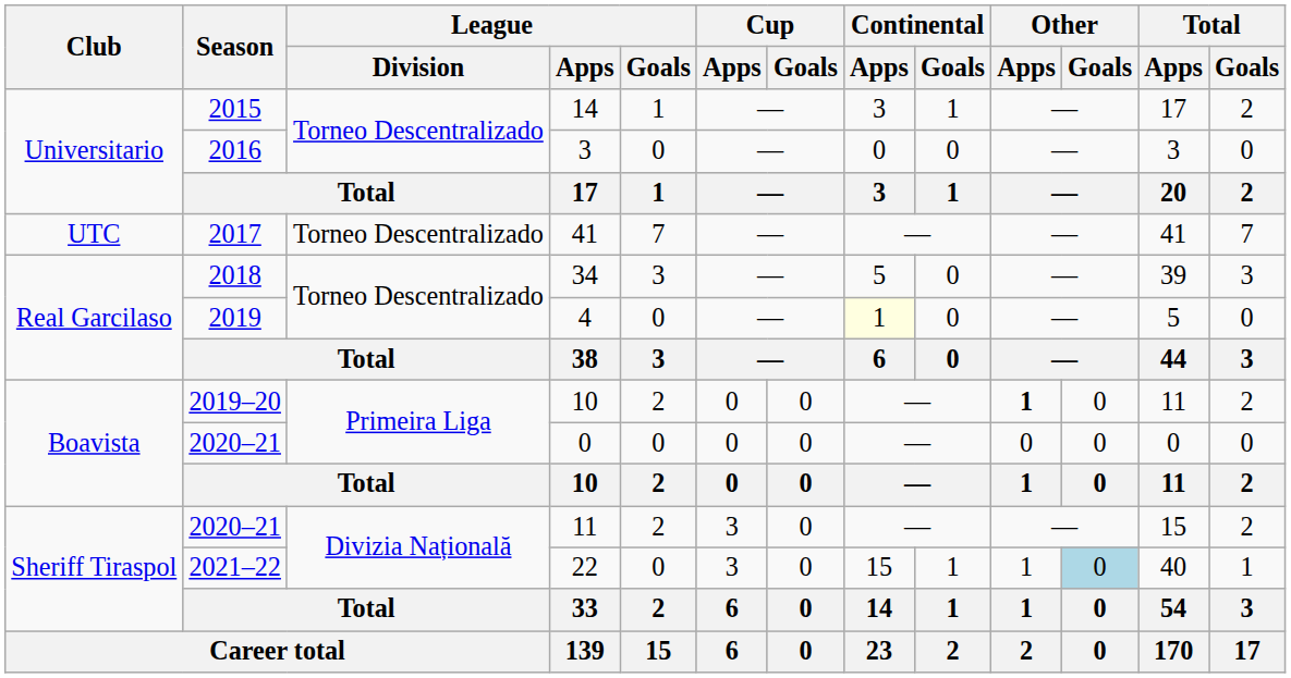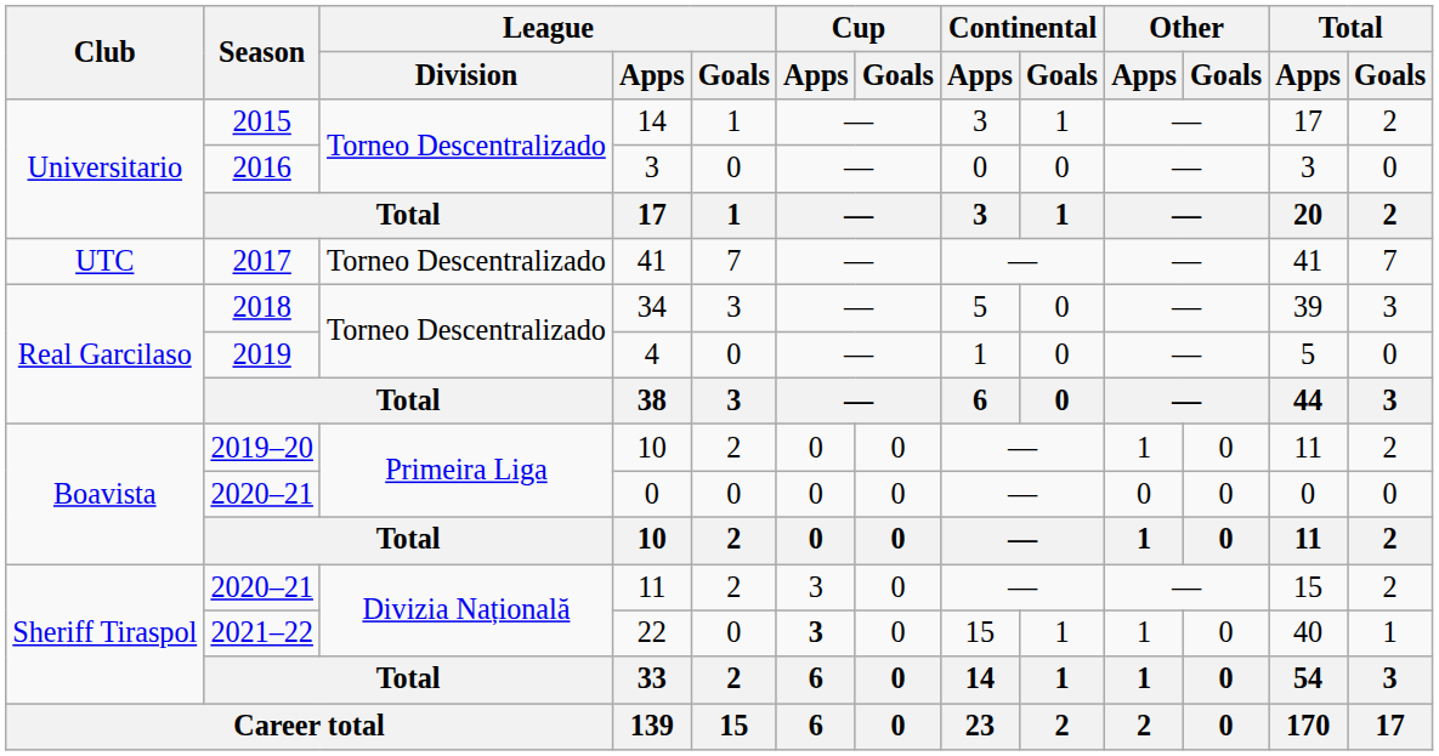 <table class="wikitable" style="text-align: center">
 <tr>
 <th rowspan="2">Club</th>
 <th rowspan="2">Season</th>
 <th colspan="3">League</th>
 <th colspan="2">Cup</th>
 <th colspan="2">Continental</th>
 <th colspan="2">Other</th>
 <th colspan="2">Total</th>
 </tr>
 <tr>
 <th>Division</th>
 <th>Apps</th>
 <th>Goals</th>
 <th>Apps</th>
 <th>Goals</th>
 <th>Apps</th>
 <th>Goals</th>
 <th>Apps</th>
 <th>Goals</th>
 <th>Apps</th>
 <th>Goals</th>
 </tr>
 <tr>
 <td rowspan="3"><a href='#'>Universitario</a></td>
 <td><a href='#'>2015</a></td>
 <td rowspan="2"><a href='#'>Torneo Descentralizado</a></td>
 <td>14</td>
 <td>1</td>
 <td colspan="2">—</td>
 <td>3</td>
 <td>1</td>
 <td colspan="2">—</td>
 <td>17</td>
 <td>2</td>
 </tr>
 <tr>
 <td><a href='#'>2016</a></td>
 <td>3</td>
 <td>0</td>
 <td colspan="2">—</td>
 <td>0</td>
 <td>0</td>
 <td colspan="2">—</td>
 <td>3</td>
 <td>0</td>
 </tr>
 <tr>
 <th colspan="2">Total</th>
 <th>17</th>
 <th>1</th>
 <th colspan="2">—</th>
 <th>3</th>
 <th>1</th>
 <th colspan="2">—</th>
 <th>20</th>
 <th>2</th>
 </tr>
 <tr>
 <td><a href='#'>UTC</a></td>
 <td><a href='#'>2017</a></td>
 <td>Torneo Descentralizado</td>
 <td>41</td>
 <td>7</td>
 <td colspan="2">—</td>
 <td colspan="2">—</td>
 <td colspan="2">—</td>
 <td>41</td>
 <td>7</td>
 </tr>
 <tr>
 <td rowspan="3"><a href='#'>Real Garcilaso</a></td>
 <td><a href='#'>2018</a></td>
 <td rowspan="2">Torneo Descentralizado</td>
 <td>34</td>
 <td>3</td>
 <td colspan="2">—</td>
 <td>5</td>
 <td>0</td>
 <td colspan="2">—</td>
 <td>39</td>
 <td>3</td>
 </tr>
 <tr>
 <td><a href='#'>2019</a></td>
 <td>4</td>
 <td>0</td>
 <td colspan="2">—</td>
-<td style="background: lightyellow;">1</td>
+<td>1</td>
 <td>0</td>
 <td colspan="2">—</td>
 <td>5</td>
 <td>0</td>
 </tr>
 <tr>
 <th colspan="2">Total</th>
 <th>38</th>
 <th>3</th>
 <th colspan="2">—</th>
 <th>6</th>
 <th>0</th>
 <th colspan="2">—</th>
 <th>44</th>
 <th>3</th>
 </tr>
 <tr>
 <td rowspan="3"><a href='#'>Boavista</a></td>
 <td><a href='#'>2019–20</a></td>
 <td rowspan="2"><a href='#'>Primeira Liga</a></td>
 <td>10</td>
 <td>2</td>
 <td>0</td>
 <td>0</td>
 <td colspan="2">—</td>
-<td><strong>1</strong></td>
+<td>1</td>
 <td>0</td>
 <td>11</td>
 <td>2</td>
 </tr>
 <tr>
 <td><a href='#'>2020–21</a></td>
 <td>0</td>
 <td>0</td>
 <td>0</td>
 <td>0</td>
 <td colspan="2">—</td>
 <td>0</td>
 <td>0</td>
 <td>0</td>
 <td>0</td>
 </tr>
 <tr>
 <th colspan="2">Total</th>
 <th>10</th>
 <th>2</th>
 <th>0</th>
 <th>0</th>
 <th colspan="2">—</th>
 <th>1</th>
 <th>0</th>
 <th>11</th>
 <th>2</th>
 </tr>
 <tr>
 <td rowspan="3"><a href='#'>Sheriff Tiraspol</a></td>
 <td><a href='#'>2020–21</a></td>
 <td rowspan="2"><a href='#'>Divizia Națională</a></td>
 <td>11</td>
 <td>2</td>
 <td>3</td>
 <td>0</td>
 <td colspan="2">—</td>
 <td colspan="2">—</td>
 <td>15</td>
 <td>2</td>
 </tr>
 <tr>
 <td><a href='#'>2021–22</a></td>
 <td>22</td>
 <td>0</td>
-<td>3</td>
+<td><strong>3</strong></td>
 <td>0</td>
 <td>15</td>
 <td>1</td>
 <td>1</td>
-<td style="background: lightblue;">0</td>
+<td>0</td>
 <td>40</td>
 <td>1</td>
 </tr>
 <tr>
 <th colspan="2">Total</th>
 <th>33</th>
 <th>2</th>
 <th>6</th>
 <th>0</th>
 <th>14</th>
 <th>1</th>
 <th>1</th>
 <th>0</th>
 <th>54</th>
 <th>3</th>
 </tr>
 <tr>
 <th colspan="3"><strong>Career total</strong></th>
 <th>139</th>
 <th>15</th>
 <th>6</th>
 <th>0</th>
 <th>23</th>
 <th>2</th>
 <th>2</th>
 <th>0</th>
 <th>170</th>
 <th>17</th>
 </tr>
 </table>
